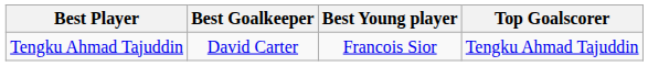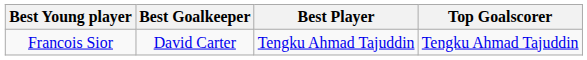 <table class=wikitable style="text-align:center; margin:auto">
 <tr>
+<th>Best Young player</th>
+<th>Best Goalkeeper</th>
 <th>Best Player</th>
-<th>Best Goalkeeper</th>
-<th>Best Young player</th>
 <th>Top Goalscorer</th>
 </tr>
 <tr>
+<td> <a href='#'>Francois Sior</a></td>
+<td> <a href='#'>David Carter</a></td>
 <td> <a href='#'>Tengku Ahmad Tajuddin</a></td>
-<td> <a href='#'>David Carter</a></td>
-<td> <a href='#'>Francois Sior</a></td>
 <td> <a href='#'>Tengku Ahmad Tajuddin</a></td>
 </tr>
 </table>
